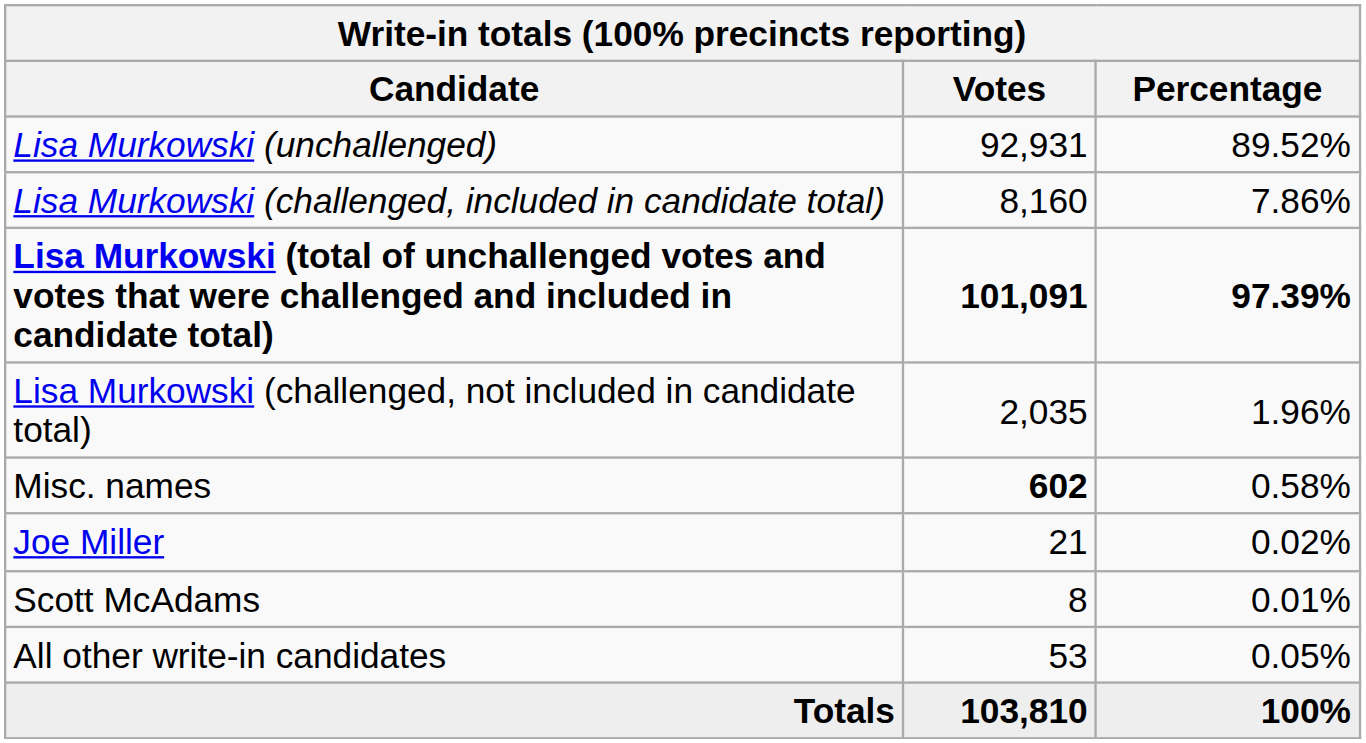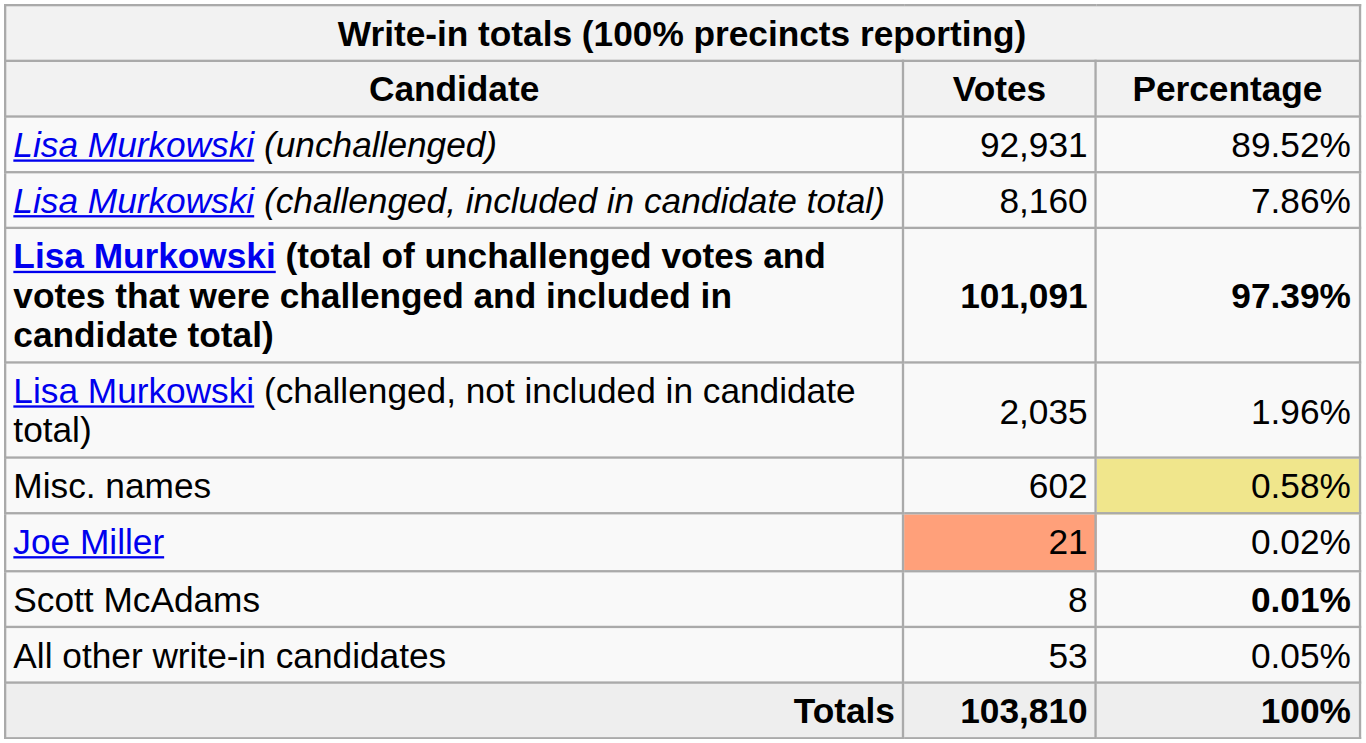 <table class="wikitable" style="font-size: 95%">
 <tr>
 <th colspan=4>Write-in totals (100% precincts reporting)</th>
 </tr>
 <tr>
 <th style="width: 25em">Candidate</th>
 <th style="width: 5em">Votes</th>
 <th style="width: 7em">Percentage</th>
 </tr>
 <tr>
 <td><em><a href='#'>Lisa Murkowski</a> (unchallenged)</em></td>
 <td style="text-align:right">92,931</td>
 <td style="text-align:right">89.52%</td>
 </tr>
 <tr>
 <td><em><a href='#'>Lisa Murkowski</a> (challenged, included in candidate total)</em></td>
 <td style="text-align:right">8,160</td>
 <td style="text-align:right">7.86%</td>
 </tr>
 <tr>
 <td><strong><a href='#'>Lisa Murkowski</a> (total of unchallenged votes and votes that were challenged and included in candidate total)</strong></td>
 <td style="text-align:right"><strong>101,091</strong></td>
 <td style="text-align:right"><strong>97.39%</strong></td>
 </tr>
 <tr>
 <td><a href='#'>Lisa Murkowski</a> (challenged, not included in candidate total)</td>
 <td style="text-align:right">2,035</td>
 <td style="text-align:right">1.96%</td>
 </tr>
 <tr>
 <td>Misc. names</td>
-<td style="text-align:right"><strong>602</strong></td>
-<td style="text-align:right">0.58%</td>
+<td style="text-align:right">602</td>
+<td style="background: khaki; text-align:right">0.58%</td>
 </tr>
 <tr>
 <td><a href='#'>Joe Miller</a></td>
-<td style="text-align:right">21</td>
+<td style="background: lightsalmon; text-align:right">21</td>
 <td style="text-align:right">0.02%</td>
 </tr>
 <tr>
 <td>Scott McAdams</td>
 <td style="text-align:right">8</td>
-<td style="text-align:right">0.01%</td>
+<td style="text-align:right"><strong>0.01%</strong></td>
 </tr>
 <tr>
 <td>All other write-in candidates</td>
 <td style="text-align:right">53</td>
 <td style="text-align:right">0.05%</td>
 </tr>
 <tr style="background:#eee; text-align:right">
 <td><strong>Totals</strong></td>
 <td><strong>103,810</strong></td>
 <td><strong>100%</strong></td>
 </tr>
 </table>
